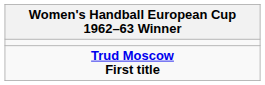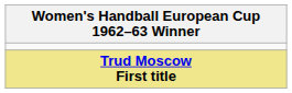 <table class="wikitable" style="text-align: center; margin: 0 auto; width: 20%">
 <tr>
 <th>Women's Handball European Cup <br>1962–63 Winner</th>
 </tr>
 <tr>
 <td></td>
 </tr>
 <tr>
-<td><strong> <a href='#'>Trud Moscow</a></strong><br><strong>First title</strong> <br></td>
+<td style="background: khaki;"><strong> <a href='#'>Trud Moscow</a></strong><br><strong>First title</strong> <br></td>
 </tr>
 </table>
